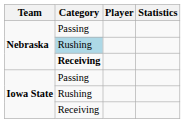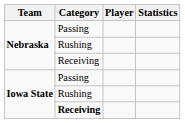 <table class="wikitable" style="float: right;">
 <tr>
 <th>Team</th>
 <th>Category</th>
 <th>Player</th>
 <th>Statistics</th>
 </tr>
 <tr>
 <td rowspan=3><strong>Nebraska</strong></td>
 <td>Passing</td>
 <td></td>
 <td></td>
 </tr>
 <tr>
-<td style="background: lightblue;">Rushing</td>
+<td>Rushing</td>
 <td></td>
 <td></td>
 </tr>
 <tr>
-<td><strong>Receiving</strong></td>
+<td>Receiving</td>
 <td></td>
 <td></td>
 </tr>
 <tr>
 <td rowspan=3><strong>Iowa State</strong></td>
 <td>Passing</td>
 <td></td>
 <td></td>
 </tr>
 <tr>
 <td>Rushing</td>
 <td></td>
 <td></td>
 </tr>
 <tr>
-<td>Receiving</td>
+<td><strong>Receiving</strong></td>
 <td></td>
 <td></td>
 </tr>
 </table>
